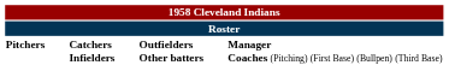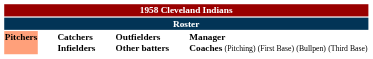 <table class="toccolours" style="font-size: 95%;">
 <tr>
 <th colspan="10" style="background-color: #990000; color: white; text-align: center;">1958 Cleveland Indians</th>
 </tr>
 <tr>
 <td colspan="10" style="background-color: #023456; color: white; text-align: center;"><strong>Roster</strong></td>
 </tr>
 <tr>
-<td valign="top"><strong>Pitchers</strong><br>                 </td>
+<td valign="top" style="background: lightsalmon;"><strong>Pitchers</strong><br>                 </td>
 <td width="25px"></td>
 <td valign="top"><strong>Catchers</strong><br>   <strong>Infielders</strong>             </td>
 <td width="25px"></td>
 <td valign="top"><strong>Outfielders</strong><br>        <strong>Other batters</strong> </td>
 <td width="25px"></td>
 <td valign="top"><strong>Manager</strong><br>  <strong>Coaches</strong>  <small>(Pitching)</small>  <small>(First Base)</small>  <small>(Bullpen)</small>  <small>(Third Base)</small></td>
 </tr>
 </table>
